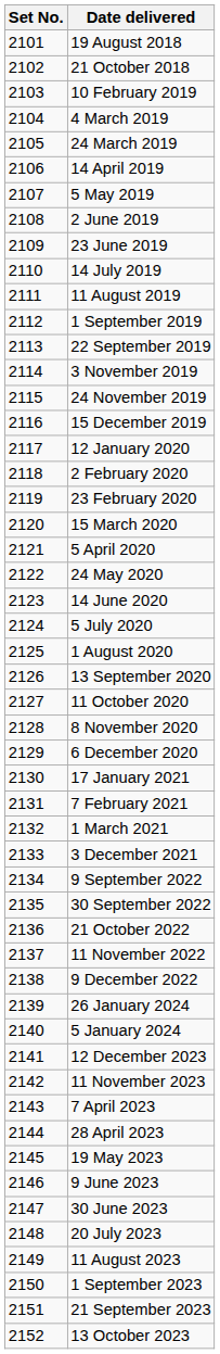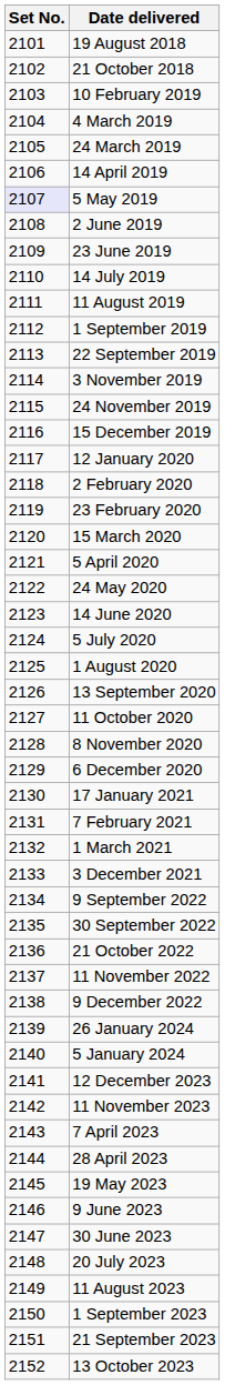 <table class="wikitable mw-collapsible mw-collapsed">
 <tr>
 <th>Set No.</th>
 <th>Date delivered</th>
 </tr>
 <tr>
 <td>2101</td>
 <td>19 August 2018</td>
 </tr>
 <tr>
 <td>2102</td>
 <td>21 October 2018</td>
 </tr>
 <tr>
 <td>2103</td>
 <td>10 February 2019</td>
 </tr>
 <tr>
 <td>2104</td>
 <td>4 March 2019</td>
 </tr>
 <tr>
 <td>2105</td>
 <td>24 March 2019</td>
 </tr>
 <tr>
 <td>2106</td>
 <td>14 April 2019</td>
 </tr>
 <tr>
-<td>2107</td>
+<td style="background: lavender;">2107</td>
 <td>5 May 2019</td>
 </tr>
 <tr>
 <td>2108</td>
 <td>2 June 2019</td>
 </tr>
 <tr>
 <td>2109</td>
 <td>23 June 2019</td>
 </tr>
 <tr>
 <td>2110</td>
 <td>14 July 2019</td>
 </tr>
 <tr>
 <td>2111</td>
 <td>11 August 2019</td>
 </tr>
 <tr>
 <td>2112</td>
 <td>1 September 2019</td>
 </tr>
 <tr>
 <td>2113</td>
 <td>22 September 2019</td>
 </tr>
 <tr>
 <td>2114</td>
 <td>3 November 2019</td>
 </tr>
 <tr>
 <td>2115</td>
 <td>24 November 2019</td>
 </tr>
 <tr>
 <td>2116</td>
 <td>15 December 2019</td>
 </tr>
 <tr>
 <td>2117</td>
 <td>12 January 2020</td>
 </tr>
 <tr>
 <td>2118</td>
 <td>2 February 2020</td>
 </tr>
 <tr>
 <td>2119</td>
 <td>23 February 2020</td>
 </tr>
 <tr>
 <td>2120</td>
 <td>15 March 2020</td>
 </tr>
 <tr>
 <td>2121</td>
 <td>5 April 2020</td>
 </tr>
 <tr>
 <td>2122</td>
 <td>24 May 2020</td>
 </tr>
 <tr>
 <td>2123</td>
 <td>14 June 2020</td>
 </tr>
 <tr>
 <td>2124</td>
 <td>5 July 2020</td>
 </tr>
 <tr>
 <td>2125</td>
 <td>1 August 2020</td>
 </tr>
 <tr>
 <td>2126</td>
 <td>13 September 2020</td>
 </tr>
 <tr>
 <td>2127</td>
 <td>11 October 2020</td>
 </tr>
 <tr>
 <td>2128</td>
 <td>8 November 2020</td>
 </tr>
 <tr>
 <td>2129</td>
 <td>6 December 2020</td>
 </tr>
 <tr>
 <td>2130</td>
 <td>17 January 2021</td>
 </tr>
 <tr>
 <td>2131</td>
 <td>7 February 2021</td>
 </tr>
 <tr>
 <td>2132</td>
 <td>1 March 2021</td>
 </tr>
 <tr>
 <td>2133</td>
 <td>3 December 2021</td>
 </tr>
 <tr>
 <td>2134</td>
 <td>9 September 2022</td>
 </tr>
 <tr>
 <td>2135</td>
 <td>30 September 2022</td>
 </tr>
 <tr>
 <td>2136</td>
 <td>21 October 2022</td>
 </tr>
 <tr>
 <td>2137</td>
 <td>11 November 2022</td>
 </tr>
 <tr>
 <td>2138</td>
 <td>9 December 2022</td>
 </tr>
 <tr>
 <td>2139</td>
 <td>26 January 2024</td>
 </tr>
 <tr>
 <td>2140</td>
 <td>5 January 2024</td>
 </tr>
 <tr>
 <td>2141</td>
 <td>12 December 2023</td>
 </tr>
 <tr>
 <td>2142</td>
 <td>11 November 2023</td>
 </tr>
 <tr>
 <td>2143</td>
 <td>7 April 2023</td>
 </tr>
 <tr>
 <td>2144</td>
 <td>28 April 2023</td>
 </tr>
 <tr>
 <td>2145</td>
 <td>19 May 2023</td>
 </tr>
 <tr>
 <td>2146</td>
 <td>9 June 2023</td>
 </tr>
 <tr>
 <td>2147</td>
 <td>30 June 2023</td>
 </tr>
 <tr>
 <td>2148</td>
 <td>20 July 2023</td>
 </tr>
 <tr>
 <td>2149</td>
 <td>11 August 2023</td>
 </tr>
 <tr>
 <td>2150</td>
 <td>1 September 2023</td>
 </tr>
 <tr>
 <td>2151</td>
 <td>21 September 2023</td>
 </tr>
 <tr>
 <td>2152</td>
 <td>13 October 2023</td>
 </tr>
 </table>
